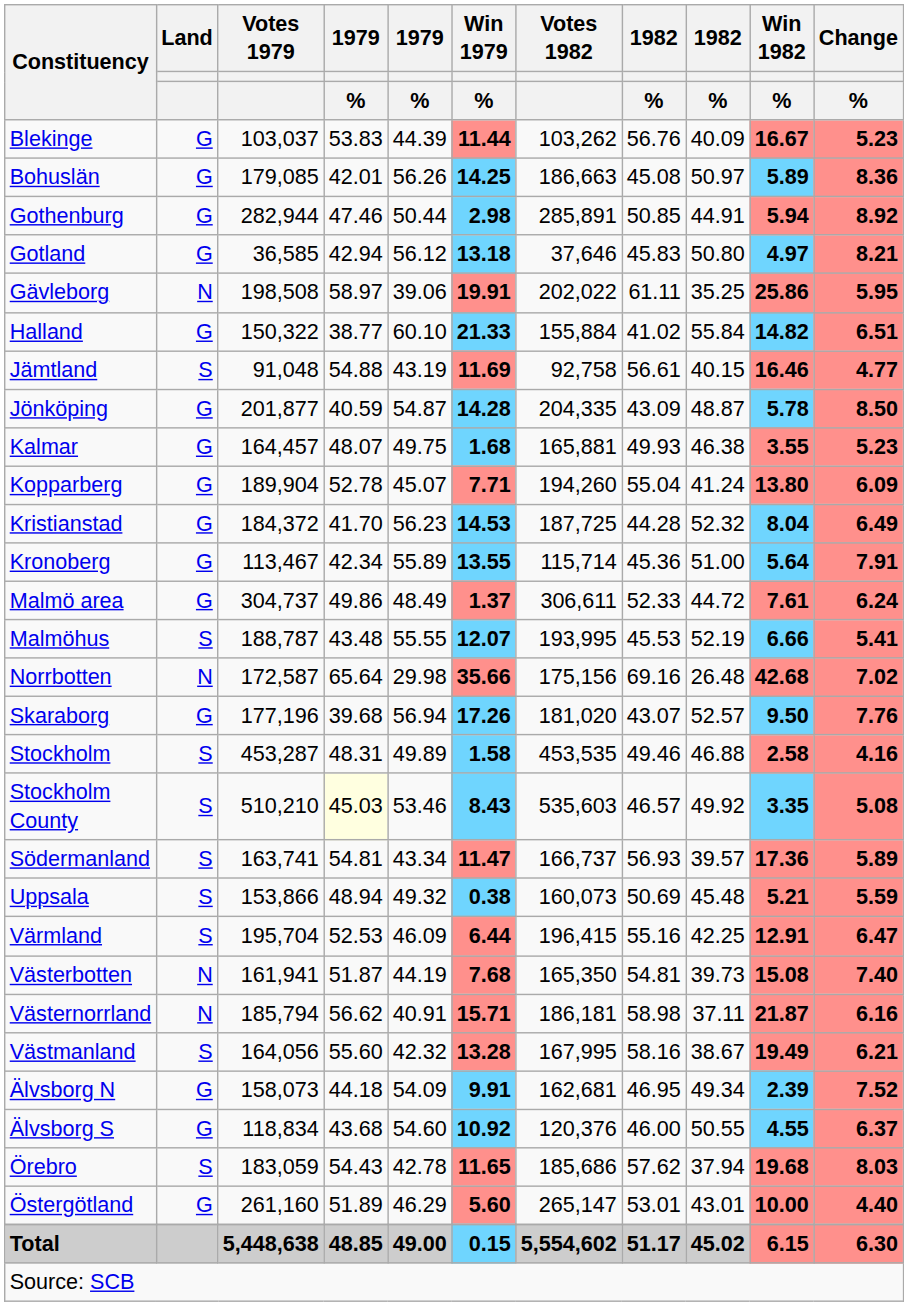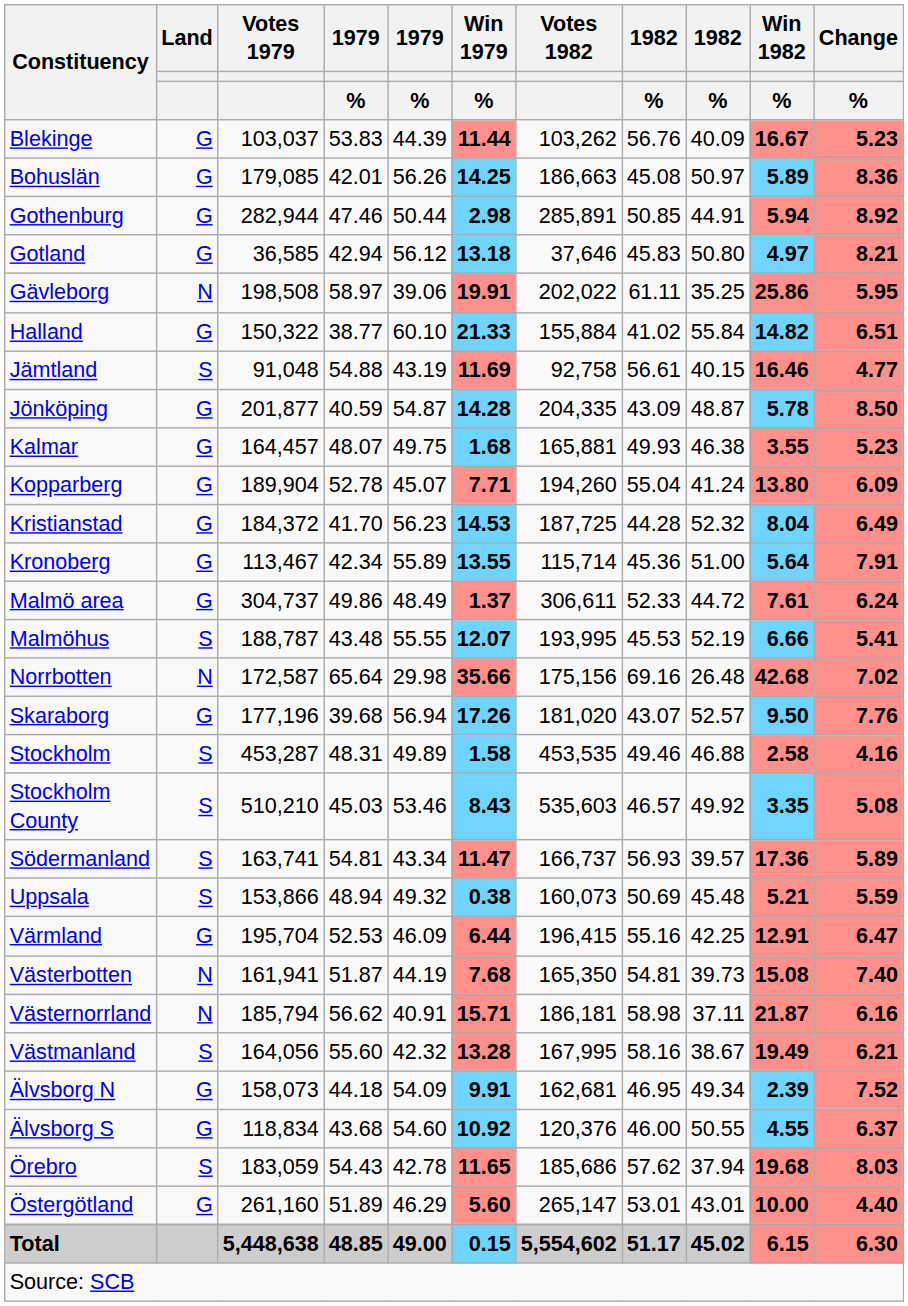 <table class="wikitable sortable" style="text-align:right; font-size:95%; line-height:20px;">
 <tr>
 <th rowspan="3">Constituency</th>
 <th>Land</th>
 <th width="30px" class="unsortable">Votes 1979</th>
 <th> 1979</th>
 <th> 1979</th>
 <th width="30px" class="unsortable">Win 1979</th>
 <th width="30px" class="unsortable">Votes 1982</th>
 <th> 1982</th>
 <th> 1982</th>
 <th width="30px" class="unsortable">Win 1982</th>
 <th width="30px" class="unsortable">Change</th>
 </tr>
 <tr>
 <th></th>
 <th></th>
 <th style="background:"></th>
 <th style="background:"></th>
 <th></th>
 <th></th>
 <th style="background:"></th>
 <th style="background:"></th>
 <th></th>
 <th></th>
 </tr>
 <tr>
 <th data-sort-type="number"></th>
 <th data-sort-type="number"></th>
 <th data-sort-type="number">%</th>
 <th data-sort-type="number">%</th>
 <th data-sort-type="number">%</th>
 <th data-sort-type="number"></th>
 <th data-sort-type="number">%</th>
 <th data-sort-type="number">%</th>
 <th data-sort-type="number">%</th>
 <th data-sort-type="number">%</th>
 </tr>
 <tr>
 <td align="left"><a href='#'>Blekinge</a></td>
 <td><a href='#'>G</a></td>
 <td>103,037</td>
 <td>53.83</td>
 <td>44.39</td>
 <td bgcolor=#ff908c><strong>11.44</strong></td>
 <td>103,262</td>
 <td>56.76</td>
 <td>40.09</td>
 <td bgcolor=#ff908c><strong>16.67</strong></td>
 <td bgcolor=#ff908c><strong>5.23</strong></td>
 </tr>
 <tr>
 <td align="left"><a href='#'>Bohuslän</a></td>
 <td><a href='#'>G</a></td>
 <td>179,085</td>
 <td>42.01</td>
 <td>56.26</td>
 <td bgcolor=#6fd5fe><strong>14.25</strong></td>
 <td>186,663</td>
 <td>45.08</td>
 <td>50.97</td>
 <td bgcolor=#6fd5fe><strong>5.89</strong></td>
 <td bgcolor=#ff908c><strong>8.36</strong></td>
 </tr>
 <tr>
 <td align="left"><a href='#'>Gothenburg</a></td>
 <td><a href='#'>G</a></td>
 <td>282,944</td>
 <td>47.46</td>
 <td>50.44</td>
 <td bgcolor=#6fd5fe><strong>2.98</strong></td>
 <td>285,891</td>
 <td>50.85</td>
 <td>44.91</td>
 <td bgcolor=#ff908c><strong>5.94</strong></td>
 <td bgcolor=#ff908c><strong>8.92</strong></td>
 </tr>
 <tr>
 <td align="left"><a href='#'>Gotland</a></td>
 <td><a href='#'>G</a></td>
 <td>36,585</td>
 <td>42.94</td>
 <td>56.12</td>
 <td bgcolor=#6fd5fe><strong>13.18</strong></td>
 <td>37,646</td>
 <td>45.83</td>
 <td>50.80</td>
 <td bgcolor=#6fd5fe><strong>4.97</strong></td>
 <td bgcolor=#ff908c><strong>8.21</strong></td>
 </tr>
 <tr>
 <td align="left"><a href='#'>Gävleborg</a></td>
 <td><a href='#'>N</a></td>
 <td>198,508</td>
 <td>58.97</td>
 <td>39.06</td>
 <td bgcolor=#ff908c><strong>19.91</strong></td>
 <td>202,022</td>
 <td>61.11</td>
 <td>35.25</td>
 <td bgcolor=#ff908c><strong>25.86</strong></td>
 <td bgcolor=#ff908c><strong>5.95</strong></td>
 </tr>
 <tr>
 <td align="left"><a href='#'>Halland</a></td>
 <td><a href='#'>G</a></td>
 <td>150,322</td>
 <td>38.77</td>
 <td>60.10</td>
 <td bgcolor=#6fd5fe><strong>21.33</strong></td>
 <td>155,884</td>
 <td>41.02</td>
 <td>55.84</td>
 <td bgcolor=#6fd5fe><strong>14.82</strong></td>
 <td bgcolor=#ff908c><strong>6.51</strong></td>
 </tr>
 <tr>
 <td align="left"><a href='#'>Jämtland</a></td>
 <td><a href='#'>S</a></td>
 <td>91,048</td>
 <td>54.88</td>
 <td>43.19</td>
 <td bgcolor=#ff908c><strong>11.69</strong></td>
 <td>92,758</td>
 <td>56.61</td>
 <td>40.15</td>
 <td bgcolor=#ff908c><strong>16.46</strong></td>
 <td bgcolor=#ff908c><strong>4.77</strong></td>
 </tr>
 <tr>
 <td align="left"><a href='#'>Jönköping</a></td>
 <td><a href='#'>G</a></td>
 <td>201,877</td>
 <td>40.59</td>
 <td>54.87</td>
 <td bgcolor=#6fd5fe><strong>14.28</strong></td>
 <td>204,335</td>
 <td>43.09</td>
 <td>48.87</td>
 <td bgcolor=#6fd5fe><strong>5.78</strong></td>
 <td bgcolor=#ff908c><strong>8.50</strong></td>
 </tr>
 <tr>
 <td align="left"><a href='#'>Kalmar</a></td>
 <td><a href='#'>G</a></td>
 <td>164,457</td>
 <td>48.07</td>
 <td>49.75</td>
 <td bgcolor=#6fd5fe><strong>1.68</strong></td>
 <td>165,881</td>
 <td>49.93</td>
 <td>46.38</td>
 <td bgcolor=#ff908c><strong>3.55</strong></td>
 <td bgcolor=#ff908c><strong>5.23</strong></td>
 </tr>
 <tr>
 <td align="left"><a href='#'>Kopparberg</a></td>
 <td><a href='#'>G</a></td>
 <td>189,904</td>
 <td>52.78</td>
 <td>45.07</td>
 <td bgcolor=#ff908c><strong>7.71</strong></td>
 <td>194,260</td>
 <td>55.04</td>
 <td>41.24</td>
 <td bgcolor=#ff908c><strong>13.80</strong></td>
 <td bgcolor=#ff908c><strong>6.09</strong></td>
 </tr>
 <tr>
 <td align="left"><a href='#'>Kristianstad</a></td>
 <td><a href='#'>G</a></td>
 <td>184,372</td>
 <td>41.70</td>
 <td>56.23</td>
 <td bgcolor=#6fd5fe><strong>14.53</strong></td>
 <td>187,725</td>
 <td>44.28</td>
 <td>52.32</td>
 <td bgcolor=#6fd5fe><strong>8.04</strong></td>
 <td bgcolor=#ff908c><strong>6.49</strong></td>
 </tr>
 <tr>
 <td align="left"><a href='#'>Kronoberg</a></td>
 <td><a href='#'>G</a></td>
 <td>113,467</td>
 <td>42.34</td>
 <td>55.89</td>
 <td bgcolor=#6fd5fe><strong>13.55</strong></td>
 <td>115,714</td>
 <td>45.36</td>
 <td>51.00</td>
 <td bgcolor=#6fd5fe><strong>5.64</strong></td>
 <td bgcolor=#ff908c><strong>7.91</strong></td>
 </tr>
 <tr>
 <td align="left"><a href='#'>Malmö area</a></td>
 <td><a href='#'>G</a></td>
 <td>304,737</td>
 <td>49.86</td>
 <td>48.49</td>
 <td bgcolor=#ff908c><strong>1.37</strong></td>
 <td>306,611</td>
 <td>52.33</td>
 <td>44.72</td>
 <td bgcolor=#ff908c><strong>7.61</strong></td>
 <td bgcolor=#ff908c><strong>6.24</strong></td>
 </tr>
 <tr>
 <td align="left"><a href='#'>Malmöhus</a></td>
 <td><a href='#'>S</a></td>
 <td>188,787</td>
 <td>43.48</td>
 <td>55.55</td>
 <td bgcolor=#6fd5fe><strong>12.07</strong></td>
 <td>193,995</td>
 <td>45.53</td>
 <td>52.19</td>
 <td bgcolor=#6fd5fe><strong>6.66</strong></td>
 <td bgcolor=#ff908c><strong>5.41</strong></td>
 </tr>
 <tr>
 <td align="left"><a href='#'>Norrbotten</a></td>
 <td><a href='#'>N</a></td>
 <td>172,587</td>
 <td>65.64</td>
 <td>29.98</td>
 <td bgcolor=#ff908c><strong>35.66</strong></td>
 <td>175,156</td>
 <td>69.16</td>
 <td>26.48</td>
 <td bgcolor=#ff908c><strong>42.68</strong></td>
 <td bgcolor=#ff908c><strong>7.02</strong></td>
 </tr>
 <tr>
 <td align="left"><a href='#'>Skaraborg</a></td>
 <td><a href='#'>G</a></td>
 <td>177,196</td>
 <td>39.68</td>
 <td>56.94</td>
 <td bgcolor=#6fd5fe><strong>17.26</strong></td>
 <td>181,020</td>
 <td>43.07</td>
 <td>52.57</td>
 <td bgcolor=#6fd5fe><strong>9.50</strong></td>
 <td bgcolor=#ff908c><strong>7.76</strong></td>
 </tr>
 <tr>
 <td align="left"><a href='#'>Stockholm</a></td>
 <td><a href='#'>S</a></td>
 <td>453,287</td>
 <td>48.31</td>
 <td>49.89</td>
 <td bgcolor=#6fd5fe><strong>1.58</strong></td>
 <td>453,535</td>
 <td>49.46</td>
 <td>46.88</td>
 <td bgcolor=#ff908c><strong>2.58</strong></td>
 <td bgcolor=#ff908c><strong>4.16</strong></td>
 </tr>
 <tr>
 <td align="left"><a href='#'>Stockholm County</a></td>
 <td><a href='#'>S</a></td>
 <td>510,210</td>
-<td style="background: lightyellow;">45.03</td>
+<td>45.03</td>
 <td>53.46</td>
 <td bgcolor=#6fd5fe><strong>8.43</strong></td>
 <td>535,603</td>
 <td>46.57</td>
 <td>49.92</td>
 <td bgcolor=#6fd5fe><strong>3.35</strong></td>
 <td bgcolor=#ff908c><strong>5.08</strong></td>
 </tr>
 <tr>
 <td align="left"><a href='#'>Södermanland</a></td>
 <td><a href='#'>S</a></td>
 <td>163,741</td>
 <td>54.81</td>
 <td>43.34</td>
 <td bgcolor=#ff908c><strong>11.47</strong></td>
 <td>166,737</td>
 <td>56.93</td>
 <td>39.57</td>
 <td bgcolor=#ff908c><strong>17.36</strong></td>
 <td bgcolor=#ff908c><strong>5.89</strong></td>
 </tr>
 <tr>
 <td align="left"><a href='#'>Uppsala</a></td>
 <td><a href='#'>S</a></td>
 <td>153,866</td>
 <td>48.94</td>
 <td>49.32</td>
 <td bgcolor=#6fd5fe><strong>0.38</strong></td>
 <td>160,073</td>
 <td>50.69</td>
 <td>45.48</td>
 <td bgcolor=#ff908c><strong>5.21</strong></td>
 <td bgcolor=#ff908c><strong>5.59</strong></td>
 </tr>
 <tr>
 <td align="left"><a href='#'>Värmland</a></td>
-<td><a href='#'>S</a></td>
+<td><a href='#'>G</a></td>
 <td>195,704</td>
 <td>52.53</td>
 <td>46.09</td>
 <td bgcolor=#ff908c><strong>6.44</strong></td>
 <td>196,415</td>
 <td>55.16</td>
 <td>42.25</td>
 <td bgcolor=#ff908c><strong>12.91</strong></td>
 <td bgcolor=#ff908c><strong>6.47</strong></td>
 </tr>
 <tr>
 <td align="left"><a href='#'>Västerbotten</a></td>
 <td><a href='#'>N</a></td>
 <td>161,941</td>
 <td>51.87</td>
 <td>44.19</td>
 <td bgcolor=#ff908c><strong>7.68</strong></td>
 <td>165,350</td>
 <td>54.81</td>
 <td>39.73</td>
 <td bgcolor=#ff908c><strong>15.08</strong></td>
 <td bgcolor=#ff908c><strong>7.40</strong></td>
 </tr>
 <tr>
 <td align="left"><a href='#'>Västernorrland</a></td>
 <td><a href='#'>N</a></td>
 <td>185,794</td>
 <td>56.62</td>
 <td>40.91</td>
 <td bgcolor=#ff908c><strong>15.71</strong></td>
 <td>186,181</td>
 <td>58.98</td>
 <td>37.11</td>
 <td bgcolor=#ff908c><strong>21.87</strong></td>
 <td bgcolor=#ff908c><strong>6.16</strong></td>
 </tr>
 <tr>
 <td align="left"><a href='#'>Västmanland</a></td>
 <td><a href='#'>S</a></td>
 <td>164,056</td>
 <td>55.60</td>
 <td>42.32</td>
 <td bgcolor=#ff908c><strong>13.28</strong></td>
 <td>167,995</td>
 <td>58.16</td>
 <td>38.67</td>
 <td bgcolor=#ff908c><strong>19.49</strong></td>
 <td bgcolor=#ff908c><strong>6.21</strong></td>
 </tr>
 <tr>
 <td align="left"><a href='#'>Älvsborg N</a></td>
 <td><a href='#'>G</a></td>
 <td>158,073</td>
 <td>44.18</td>
 <td>54.09</td>
 <td bgcolor=#6fd5fe><strong>9.91</strong></td>
 <td>162,681</td>
 <td>46.95</td>
 <td>49.34</td>
 <td bgcolor=#6fd5fe><strong>2.39</strong></td>
 <td bgcolor=#ff908c><strong>7.52</strong></td>
 </tr>
 <tr>
 <td align="left"><a href='#'>Älvsborg S</a></td>
 <td><a href='#'>G</a></td>
 <td>118,834</td>
 <td>43.68</td>
 <td>54.60</td>
 <td bgcolor=#6fd5fe><strong>10.92</strong></td>
 <td>120,376</td>
 <td>46.00</td>
 <td>50.55</td>
 <td bgcolor=#6fd5fe><strong>4.55</strong></td>
 <td bgcolor=#ff908c><strong>6.37</strong></td>
 </tr>
 <tr>
 <td align="left"><a href='#'>Örebro</a></td>
 <td><a href='#'>S</a></td>
 <td>183,059</td>
 <td>54.43</td>
 <td>42.78</td>
 <td bgcolor=#ff908c><strong>11.65</strong></td>
 <td>185,686</td>
 <td>57.62</td>
 <td>37.94</td>
 <td bgcolor=#ff908c><strong>19.68</strong></td>
 <td bgcolor=#ff908c><strong>8.03</strong></td>
 </tr>
 <tr>
 <td align="left"><a href='#'>Östergötland</a></td>
 <td><a href='#'>G</a></td>
 <td>261,160</td>
 <td>51.89</td>
 <td>46.29</td>
 <td bgcolor=#ff908c><strong>5.60</strong></td>
 <td>265,147</td>
 <td>53.01</td>
 <td>43.01</td>
 <td bgcolor=#ff908c><strong>10.00</strong></td>
 <td bgcolor=#ff908c><strong>4.40</strong></td>
 </tr>
 <tr>
 </tr>
 <tr style="background:#CDCDCD;">
 <td align="left"><strong>Total</strong></td>
 <td></td>
 <td><strong>5,448,638</strong></td>
 <td><strong>48.85</strong></td>
 <td><strong>49.00</strong></td>
 <td bgcolor=#6fd5fe><strong>0.15</strong></td>
 <td><strong>5,554,602</strong></td>
 <td><strong>51.17</strong></td>
 <td><strong>45.02</strong></td>
 <td bgcolor=#ff908c><strong>6.15</strong></td>
 <td bgcolor=#ff908c><strong>6.30</strong></td>
 </tr>
 <tr>
 <td colspan="11" align="left">Source: <a href='#'>SCB</a></td>
 </tr>
 </table>
